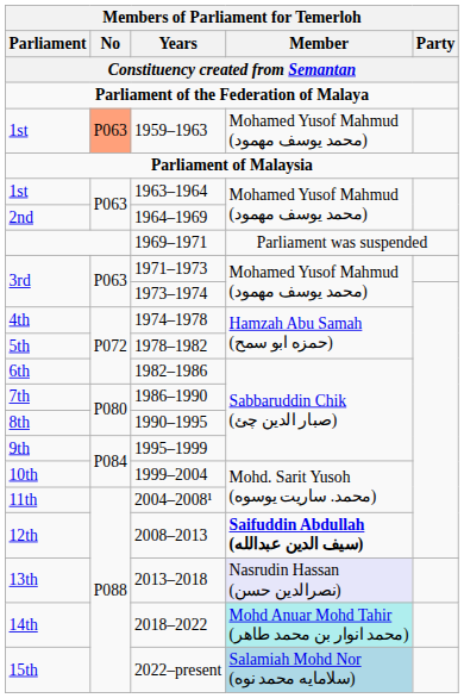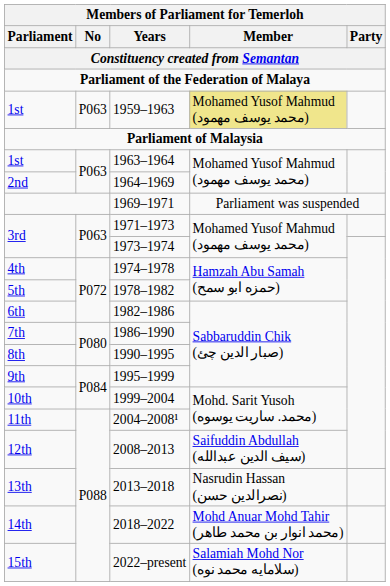 <table class=wikitable>
 <tr>
 <th colspan="5">Members of Parliament for Temerloh</th>
 </tr>
 <tr>
 <th>Parliament</th>
 <th>No</th>
 <th>Years</th>
 <th>Member</th>
 <th>Party</th>
 </tr>
 <tr>
 <th colspan="5" align="center"><em>Constituency created from <a href='#'>Semantan</a></em></th>
 </tr>
 <tr>
 <td colspan="5" align="center"><strong>Parliament of the Federation of Malaya</strong></td>
 </tr>
 <tr>
 <td><a href='#'>1st</a></td>
-<td style="background: lightsalmon;">P063</td>
+<td>P063</td>
 <td>1959–1963</td>
-<td>Mohamed Yusof Mahmud  <br>(محمد يوسف مهمود)</td>
+<td style="background: khaki;">Mohamed Yusof Mahmud  <br>(محمد يوسف مهمود)</td>
 <td></td>
 </tr>
 <tr>
 <td colspan="5" align="center"><strong>Parliament of Malaysia</strong></td>
 </tr>
 <tr>
 <td><a href='#'>1st</a></td>
 <td rowspan="2">P063</td>
 <td>1963–1964</td>
 <td rowspan=2>Mohamed Yusof Mahmud  <br>(محمد يوسف مهمود)</td>
 <td rowspan=2></td>
 </tr>
 <tr>
 <td><a href='#'>2nd</a></td>
 <td>1964–1969</td>
 </tr>
 <tr>
 <td colspan="2"></td>
 <td>1969–1971</td>
 <td colspan=2 align=center>Parliament was suspended</td>
 </tr>
 <tr>
 <td rowspan=2><a href='#'>3rd</a></td>
 <td rowspan="2">P063</td>
 <td>1971–1973</td>
 <td rowspan=2>Mohamed Yusof Mahmud  <br>(محمد يوسف مهمود)</td>
 <td></td>
 </tr>
 <tr>
 <td>1973–1974</td>
 <td rowspan=10></td>
 </tr>
 <tr>
 <td><a href='#'>4th</a></td>
 <td rowspan="3">P072</td>
 <td>1974–1978</td>
 <td rowspan=2><a href='#'>Hamzah Abu Samah</a>  <br>(حمزه ابو سمح)</td>
 </tr>
 <tr>
 <td><a href='#'>5th</a></td>
 <td>1978–1982</td>
 </tr>
 <tr>
 <td><a href='#'>6th</a></td>
 <td>1982–1986</td>
 <td rowspan=4><a href='#'>Sabbaruddin Chik</a>  <br>(صبار الدين چئ)</td>
 </tr>
 <tr>
 <td><a href='#'>7th</a></td>
 <td rowspan="2">P080</td>
 <td>1986–1990</td>
 </tr>
 <tr>
 <td><a href='#'>8th</a></td>
 <td>1990–1995</td>
 </tr>
 <tr>
 <td><a href='#'>9th</a></td>
 <td rowspan="2">P084</td>
 <td>1995–1999</td>
 </tr>
 <tr>
 <td><a href='#'>10th</a></td>
 <td>1999–2004</td>
 <td rowspan=2>Mohd. Sarit Yusoh <br> (محمد. ساريت يوسوه)</td>
 </tr>
 <tr>
 <td><a href='#'>11th</a></td>
 <td rowspan="5">P088</td>
 <td>2004–2008¹</td>
 </tr>
 <tr>
 <td><a href='#'>12th</a></td>
 <td>2008–2013</td>
-<td><strong><a href='#'>Saifuddin Abdullah</a> <br> (سيف الدين عبدالله)</strong></td>
+<td><a href='#'>Saifuddin Abdullah</a> <br> (سيف الدين عبدالله)</td>
 </tr>
 <tr>
 <td><a href='#'>13th</a></td>
 <td>2013–2018</td>
-<td style="background: lavender;">Nasrudin Hassan <br> (نصرالدين حسن)</td>
+<td>Nasrudin Hassan <br> (نصرالدين حسن)</td>
 <td></td>
 </tr>
 <tr>
 <td><a href='#'>14th</a></td>
 <td>2018–2022</td>
-<td style="background: paleturquoise;"><a href='#'>Mohd Anuar Mohd Tahir</a> <br> (محمد انوار بن محمد طاهر)</td>
+<td><a href='#'>Mohd Anuar Mohd Tahir</a> <br> (محمد انوار بن محمد طاهر)</td>
 <td></td>
 </tr>
 <tr>
 <td><a href='#'>15th</a></td>
 <td>2022–present</td>
-<td style="background: lightblue;"><a href='#'>Salamiah Mohd Nor</a> <br> (سلامايه محمد نوه)</td>
+<td><a href='#'>Salamiah Mohd Nor</a> <br> (سلامايه محمد نوه)</td>
 <td></td>
 </tr>
 </table>
